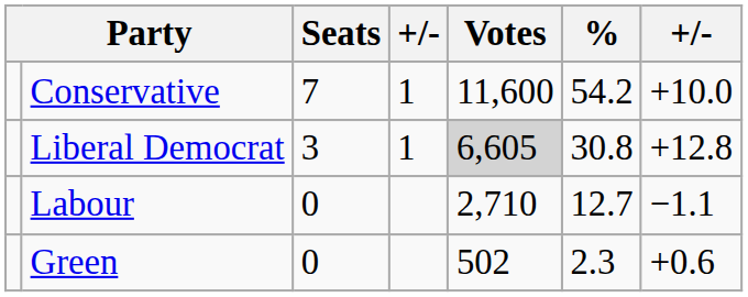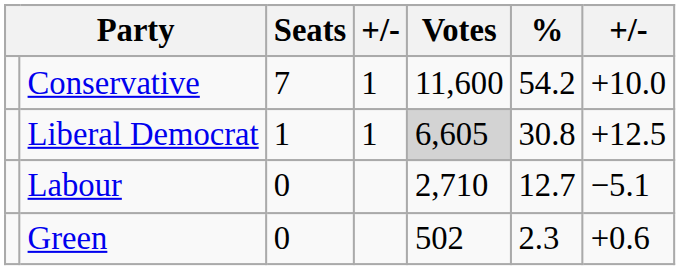 <table class="wikitable">
 <tr>
 <th colspan="2">Party</th>
 <th>Seats</th>
 <th>+/-</th>
 <th>Votes</th>
 <th>%</th>
 <th>+/-</th>
 </tr>
 <tr>
 <td style="background-color: "></td>
 <td><a href='#'>Conservative</a></td>
 <td>7</td>
 <td> 1</td>
 <td>11,600</td>
 <td>54.2</td>
 <td><span>+10.0</span></td>
 </tr>
 <tr>
 <td style="background-color: "></td>
 <td><a href='#'>Liberal Democrat</a></td>
-<td>3</td>
+<td>1</td>
 <td> 1</td>
 <td style="background: lightgrey;">6,605</td>
 <td>30.8</td>
-<td><span>+12.8</span></td>
+<td><span>+12.5</span></td>
 </tr>
 <tr>
 <td style="background-color: "></td>
 <td><a href='#'>Labour</a></td>
 <td>0</td>
 <td></td>
 <td>2,710</td>
 <td>12.7</td>
-<td><span>−1.1</span></td>
+<td><span>−5.1</span></td>
 </tr>
 <tr>
 <td style="background-color: "></td>
 <td><a href='#'>Green</a></td>
 <td>0</td>
 <td></td>
 <td>502</td>
 <td>2.3</td>
 <td><span>+0.6</span></td>
 </tr>
 </table>
